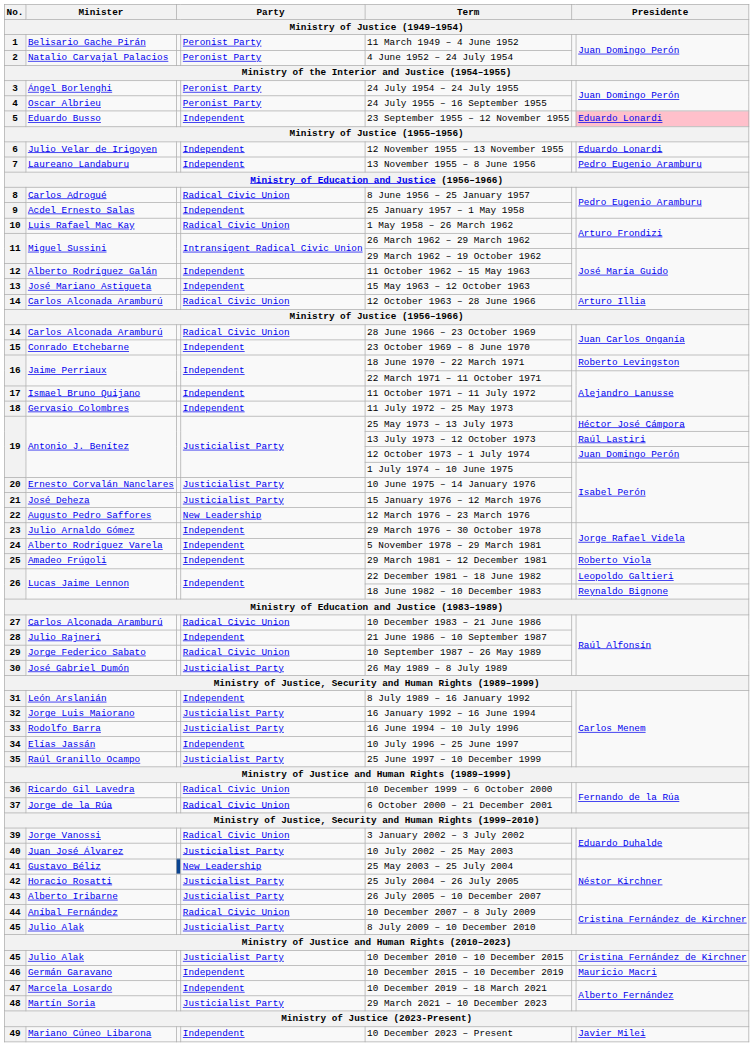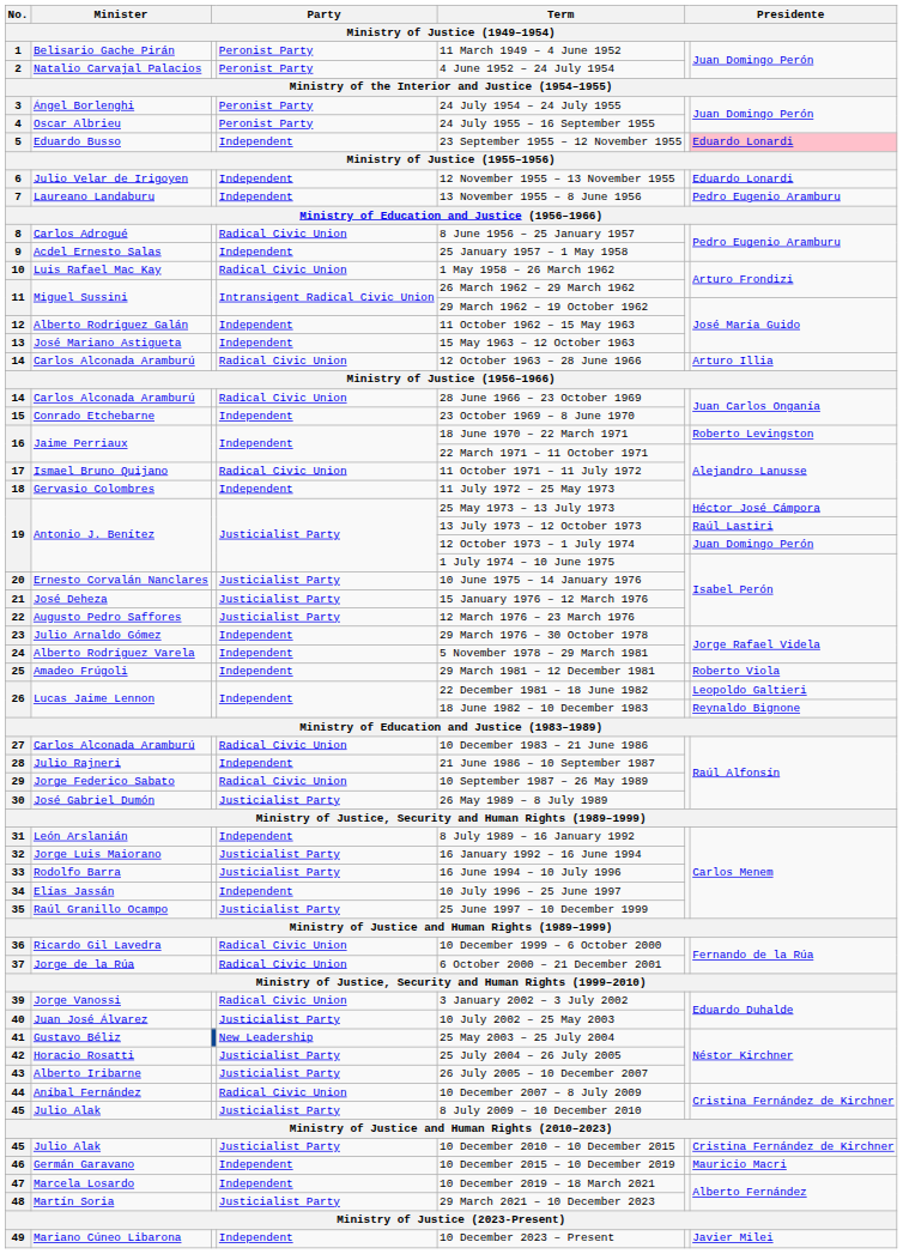 <table class="wikitable">
 <tr>
 <th>No.</th>
 <th>Minister</th>
 <th colspan="2">Party</th>
 <th>Term</th>
 <th colspan="2">Presidente</th>
 </tr>
 <tr>
 <th colspan=7>Ministry of Justice (1949–1954)</th>
 </tr>
 <tr>
 <th>1</th>
 <td><a href='#'>Belisario Gache Pirán</a></td>
 <td bgcolor=></td>
 <td><a href='#'>Peronist Party</a></td>
 <td>11 March 1949 – 4 June 1952</td>
 <td rowspan="2" bgcolor=></td>
 <td rowspan="2"><a href='#'>Juan Domingo Perón</a></td>
 </tr>
 <tr>
 <th>2</th>
 <td><a href='#'>Natalio Carvajal Palacios</a></td>
 <td bgcolor=></td>
 <td><a href='#'>Peronist Party</a></td>
 <td>4 June 1952 – 24 July 1954</td>
 </tr>
 <tr>
 <th colspan=7>Ministry of the Interior and Justice (1954–1955)</th>
 </tr>
 <tr>
 <th>3</th>
 <td><a href='#'>Ángel Borlenghi</a></td>
 <td bgcolor=></td>
 <td><a href='#'>Peronist Party</a></td>
 <td>24 July 1954 – 24 July 1955</td>
 <td rowspan="2" bgcolor=></td>
 <td rowspan="2"><a href='#'>Juan Domingo Perón</a></td>
 </tr>
 <tr>
 <th>4</th>
 <td><a href='#'>Oscar Albrieu</a></td>
 <td bgcolor=></td>
 <td><a href='#'>Peronist Party</a></td>
 <td>24 July 1955 – 16 September 1955</td>
 </tr>
 <tr>
 <th>5</th>
 <td><a href='#'>Eduardo Busso</a></td>
 <td bgcolor=></td>
 <td><a href='#'>Independent</a></td>
 <td>23 September 1955 – 12 November 1955</td>
 <td bgcolor=></td>
 <td style="background: pink;"><a href='#'>Eduardo Lonardi</a></td>
 </tr>
 <tr>
 <th colspan=7>Ministry of Justice (1955–1956)</th>
 </tr>
 <tr>
 <th>6</th>
 <td><a href='#'>Julio Velar de Irigoyen</a></td>
 <td bgcolor=></td>
 <td><a href='#'>Independent</a></td>
 <td>12 November 1955 – 13 November 1955</td>
 <td bgcolor=></td>
 <td><a href='#'>Eduardo Lonardi</a></td>
 </tr>
 <tr>
 <th>7</th>
 <td><a href='#'>Laureano Landaburu</a></td>
 <td bgcolor=></td>
 <td><a href='#'>Independent</a></td>
 <td>13 November 1955 – 8 June 1956</td>
 <td bgcolor=></td>
 <td><a href='#'>Pedro Eugenio Aramburu</a></td>
 </tr>
 <tr>
 <th colspan=7><a href='#'>Ministry of Education and Justice</a> (1956–1966)</th>
 </tr>
 <tr>
 <th>8</th>
 <td><a href='#'>Carlos Adrogué</a></td>
 <td bgcolor=></td>
 <td><a href='#'>Radical Civic Union</a></td>
 <td>8 June 1956 – 25 January 1957</td>
 <td rowspan="2" bgcolor=></td>
 <td rowspan="2"><a href='#'>Pedro Eugenio Aramburu</a></td>
 </tr>
 <tr>
 <th>9</th>
 <td><a href='#'>Acdel Ernesto Salas</a></td>
 <td bgcolor=></td>
 <td><a href='#'>Independent</a></td>
 <td>25 January 1957 – 1 May 1958</td>
 </tr>
 <tr>
 <th>10</th>
 <td><a href='#'>Luis Rafael Mac Kay</a></td>
 <td bgcolor=></td>
 <td><a href='#'>Radical Civic Union</a></td>
 <td>1 May 1958 – 26 March 1962</td>
 <td rowspan="2" bgcolor=></td>
 <td rowspan="2"><a href='#'>Arturo Frondizi</a></td>
 </tr>
 <tr>
 <th rowspan="2">11</th>
 <td rowspan="2"><a href='#'>Miguel Sussini</a></td>
 <td rowspan="2" bgcolor=></td>
 <td rowspan="2"><a href='#'>Intransigent Radical Civic Union</a></td>
 <td>26 March 1962 – 29 March 1962</td>
 </tr>
 <tr>
 <td>29 March 1962 – 19 October 1962</td>
 <td rowspan="3" bgcolor=></td>
 <td rowspan="3"><a href='#'>José María Guido</a></td>
 </tr>
 <tr>
 <th>12</th>
 <td><a href='#'>Alberto Rodríguez Galán</a></td>
 <td bgcolor=></td>
 <td><a href='#'>Independent</a></td>
 <td>11 October 1962 – 15 May 1963</td>
 </tr>
 <tr>
 <th>13</th>
 <td><a href='#'>José Mariano Astigueta</a></td>
 <td bgcolor=></td>
 <td><a href='#'>Independent</a></td>
 <td>15 May 1963 – 12 October 1963</td>
 </tr>
 <tr>
 <th>14</th>
 <td><a href='#'>Carlos Alconada Aramburú</a></td>
 <td bgcolor=></td>
 <td><a href='#'>Radical Civic Union</a></td>
 <td>12 October 1963 – 28 June 1966</td>
 <td bgcolor=></td>
 <td><a href='#'>Arturo Illia</a></td>
 </tr>
 <tr>
 <th colspan=7>Ministry of Justice (1956–1966)</th>
 </tr>
 <tr>
 <th>14</th>
 <td><a href='#'>Carlos Alconada Aramburú</a></td>
 <td bgcolor=></td>
 <td><a href='#'>Radical Civic Union</a></td>
 <td>28 June 1966 – 23 October 1969</td>
 <td rowspan="2" bgcolor=></td>
 <td rowspan="2"><a href='#'>Juan Carlos Onganía</a></td>
 </tr>
 <tr>
 <th>15</th>
 <td><a href='#'>Conrado Etchebarne</a></td>
 <td bgcolor=></td>
 <td><a href='#'>Independent</a></td>
 <td>23 October 1969 – 8 June 1970</td>
 </tr>
 <tr>
 <th rowspan="2">16</th>
 <td rowspan="2"><a href='#'>Jaime Perriaux</a></td>
 <td rowspan="2" bgcolor=></td>
 <td rowspan="2"><a href='#'>Independent</a></td>
 <td>18 June 1970 – 22 March 1971</td>
 <td bgcolor=></td>
 <td><a href='#'>Roberto Levingston</a></td>
 </tr>
 <tr>
 <td>22 March 1971 – 11 October 1971</td>
 <td rowspan="3" bgcolor=></td>
 <td rowspan="3"><a href='#'>Alejandro Lanusse</a></td>
 </tr>
 <tr>
 <th>17</th>
 <td><a href='#'>Ismael Bruno Quijano</a></td>
 <td bgcolor=></td>
-<td><a href='#'>Independent</a></td>
+<td><a href='#'>Radical Civic Union</a></td>
 <td>11 October 1971 – 11 July 1972</td>
 </tr>
 <tr>
 <th>18</th>
 <td><a href='#'>Gervasio Colombres</a></td>
 <td bgcolor=></td>
 <td><a href='#'>Independent</a></td>
 <td>11 July 1972 – 25 May 1973</td>
 </tr>
 <tr>
 <th rowspan="4">19</th>
 <td rowspan="4"><a href='#'>Antonio J. Benítez</a></td>
 <td rowspan="4" bgcolor=></td>
 <td rowspan="4"><a href='#'>Justicialist Party</a></td>
 <td>25 May 1973 – 13 July 1973</td>
 <td bgcolor=></td>
 <td><a href='#'>Héctor José Cámpora</a></td>
 </tr>
 <tr>
 <td>13 July 1973 – 12 October 1973</td>
 <td bgcolor=></td>
 <td><a href='#'>Raúl Lastiri</a></td>
 </tr>
 <tr>
 <td>12 October 1973 – 1 July 1974</td>
 <td bgcolor=></td>
 <td><a href='#'>Juan Domingo Perón</a></td>
 </tr>
 <tr>
 <td>1 July 1974 – 10 June 1975</td>
 <td rowspan="4" bgcolor=></td>
 <td rowspan="4"><a href='#'>Isabel Perón</a></td>
 </tr>
 <tr>
 <th>20</th>
 <td><a href='#'>Ernesto Corvalán Nanclares</a></td>
 <td bgcolor=></td>
 <td><a href='#'>Justicialist Party</a></td>
 <td>10 June 1975 – 14 January 1976</td>
 </tr>
 <tr>
 <th>21</th>
 <td><a href='#'>José Deheza</a></td>
 <td bgcolor=></td>
 <td><a href='#'>Justicialist Party</a></td>
 <td>15 January 1976 – 12 March 1976</td>
 </tr>
 <tr>
 <th>22</th>
 <td><a href='#'>Augusto Pedro Saffores</a></td>
 <td bgcolor=></td>
-<td><a href='#'>New Leadership</a></td>
+<td><a href='#'>Justicialist Party</a></td>
 <td>12 March 1976 – 23 March 1976</td>
 </tr>
 <tr>
 <th>23</th>
 <td><a href='#'>Julio Arnaldo Gómez</a></td>
 <td bgcolor=></td>
 <td><a href='#'>Independent</a> </td>
 <td>29 March 1976 – 30 October 1978</td>
 <td rowspan="2" bgcolor=></td>
 <td rowspan="2"><a href='#'>Jorge Rafael Videla</a></td>
 </tr>
 <tr>
 <th>24</th>
 <td><a href='#'>Alberto Rodríguez Varela</a></td>
 <td bgcolor=></td>
 <td><a href='#'>Independent</a></td>
 <td>5 November 1978 – 29 March 1981</td>
 </tr>
 <tr>
 <th>25</th>
 <td><a href='#'>Amadeo Frúgoli</a></td>
 <td bgcolor=></td>
 <td><a href='#'>Independent</a></td>
 <td>29 March 1981 – 12 December 1981</td>
 <td bgcolor=></td>
 <td><a href='#'>Roberto Viola</a></td>
 </tr>
 <tr>
 <th rowspan="2">26</th>
 <td rowspan="2"><a href='#'>Lucas Jaime Lennon</a></td>
 <td rowspan="2" bgcolor=></td>
 <td rowspan="2"><a href='#'>Independent</a></td>
 <td>22 December 1981 – 18 June 1982</td>
 <td bgcolor=></td>
 <td><a href='#'>Leopoldo Galtieri</a></td>
 </tr>
 <tr>
 <td>18 June 1982 – 10 December 1983</td>
 <td bgcolor=></td>
 <td><a href='#'>Reynaldo Bignone</a></td>
 </tr>
 <tr>
 <th colspan=7>Ministry of Education and Justice (1983–1989)</th>
 </tr>
 <tr>
 <th>27</th>
 <td><a href='#'>Carlos Alconada Aramburú</a></td>
 <td bgcolor=></td>
 <td><a href='#'>Radical Civic Union</a></td>
 <td>10 December 1983 – 21 June 1986</td>
 <td rowspan="4" bgcolor=></td>
 <td rowspan="4"><a href='#'>Raúl Alfonsín</a></td>
 </tr>
 <tr>
 <th>28</th>
 <td><a href='#'>Julio Rajneri</a></td>
 <td bgcolor=></td>
 <td><a href='#'>Independent</a></td>
 <td>21 June 1986 – 10 September 1987</td>
 </tr>
 <tr>
 <th>29</th>
 <td><a href='#'>Jorge Federico Sabato</a></td>
 <td bgcolor=></td>
 <td><a href='#'>Radical Civic Union</a></td>
 <td>10 September 1987 – 26 May 1989</td>
 </tr>
 <tr>
 <th>30</th>
 <td><a href='#'>José Gabriel Dumón</a></td>
 <td bgcolor=></td>
 <td><a href='#'>Justicialist Party</a></td>
 <td>26 May 1989 – 8 July 1989</td>
 </tr>
 <tr>
 <th colspan=7>Ministry of Justice, Security and Human Rights (1989–1999)</th>
 </tr>
 <tr>
 <th>31</th>
 <td><a href='#'>León Arslanián</a></td>
 <td bgcolor=></td>
 <td><a href='#'>Independent</a></td>
 <td>8 July 1989 – 16 January 1992</td>
 <td rowspan="5" bgcolor=></td>
 <td rowspan="5"><a href='#'>Carlos Menem</a></td>
 </tr>
 <tr>
 <th>32</th>
 <td><a href='#'>Jorge Luis Maiorano</a></td>
 <td bgcolor=></td>
 <td><a href='#'>Justicialist Party</a></td>
 <td>16 January 1992 – 16 June 1994</td>
 </tr>
 <tr>
 <th>33</th>
 <td><a href='#'>Rodolfo Barra</a></td>
 <td bgcolor=></td>
 <td><a href='#'>Justicialist Party</a></td>
 <td>16 June 1994 – 10 July 1996</td>
 </tr>
 <tr>
 <th>34</th>
 <td><a href='#'>Elías Jassán</a></td>
 <td bgcolor=></td>
 <td><a href='#'>Independent</a></td>
 <td>10 July 1996 – 25 June 1997</td>
 </tr>
 <tr>
 <th>35</th>
 <td><a href='#'>Raúl Granillo Ocampo</a></td>
 <td bgcolor=></td>
 <td><a href='#'>Justicialist Party</a></td>
 <td>25 June 1997 – 10 December 1999</td>
 </tr>
 <tr>
 <th colspan=7>Ministry of Justice and Human Rights (1989–1999)</th>
 </tr>
 <tr>
 <th>36</th>
 <td><a href='#'>Ricardo Gil Lavedra</a></td>
 <td bgcolor=></td>
 <td><a href='#'>Radical Civic Union</a></td>
 <td>10 December 1999 – 6 October 2000</td>
 <td rowspan="2" bgcolor=></td>
 <td rowspan="2"><a href='#'>Fernando de la Rúa</a></td>
 </tr>
 <tr>
 <th>37</th>
 <td><a href='#'>Jorge de la Rúa</a></td>
 <td bgcolor=></td>
 <td><a href='#'>Radical Civic Union</a></td>
 <td>6 October 2000 – 21 December 2001</td>
 </tr>
 <tr>
 <th colspan=7>Ministry of Justice, Security and Human Rights (1999–2010)</th>
 </tr>
 <tr>
 <th>39</th>
 <td><a href='#'>Jorge Vanossi</a></td>
 <td bgcolor=></td>
 <td><a href='#'>Radical Civic Union</a></td>
 <td>3 January 2002 – 3 July 2002</td>
 <td rowspan="2" bgcolor=></td>
 <td rowspan="2"><a href='#'>Eduardo Duhalde</a></td>
 </tr>
 <tr>
 <th>40</th>
 <td><a href='#'>Juan José Álvarez</a></td>
 <td bgcolor=></td>
 <td><a href='#'>Justicialist Party</a></td>
 <td>10 July 2002 – 25 May 2003</td>
 </tr>
 <tr>
 <th>41</th>
 <td><a href='#'>Gustavo Béliz</a></td>
 <td bgcolor=#0b4592></td>
 <td><a href='#'>New Leadership</a></td>
 <td>25 May 2003 – 25 July 2004</td>
 <td rowspan="3" bgcolor=></td>
 <td rowspan="3"><a href='#'>Néstor Kirchner</a></td>
 </tr>
 <tr>
 <th>42</th>
 <td><a href='#'>Horacio Rosatti</a></td>
 <td bgcolor=></td>
 <td><a href='#'>Justicialist Party</a></td>
 <td>25 July 2004 – 26 July 2005</td>
 </tr>
 <tr>
 <th>43</th>
 <td><a href='#'>Alberto Iribarne</a></td>
 <td bgcolor=></td>
 <td><a href='#'>Justicialist Party</a></td>
 <td>26 July 2005 – 10 December 2007</td>
 </tr>
 <tr>
 <th>44</th>
 <td><a href='#'>Aníbal Fernández</a></td>
 <td bgcolor=></td>
 <td><a href='#'>Radical Civic Union</a></td>
 <td>10 December 2007 – 8 July 2009</td>
 <td rowspan="2" bgcolor=></td>
 <td rowspan="2"><a href='#'>Cristina Fernández de Kirchner</a></td>
 </tr>
 <tr>
 <th>45</th>
 <td><a href='#'>Julio Alak</a></td>
 <td bgcolor=></td>
 <td><a href='#'>Justicialist Party</a></td>
 <td>8 July 2009 – 10 December 2010</td>
 </tr>
 <tr>
 <th colspan=7>Ministry of Justice and Human Rights (2010–2023)</th>
 </tr>
 <tr>
 <th>45</th>
 <td><a href='#'>Julio Alak</a></td>
 <td bgcolor=></td>
 <td><a href='#'>Justicialist Party</a></td>
 <td>10 December 2010 – 10 December 2015</td>
 <td bgcolor=></td>
 <td><a href='#'>Cristina Fernández de Kirchner</a></td>
 </tr>
 <tr>
 <th>46</th>
 <td><a href='#'>Germán Garavano</a></td>
 <td bgcolor=></td>
 <td><a href='#'>Independent</a></td>
 <td>10 December 2015 – 10 December 2019</td>
 <td bgcolor=></td>
 <td><a href='#'>Mauricio Macri</a></td>
 </tr>
 <tr>
 <th>47</th>
 <td><a href='#'>Marcela Losardo</a></td>
 <td bgcolor=></td>
 <td><a href='#'>Independent</a></td>
 <td>10 December 2019 – 18 March 2021</td>
 <td rowspan="2" bgcolor=></td>
 <td rowspan="2"><a href='#'>Alberto Fernández</a></td>
 </tr>
 <tr>
 <th>48</th>
 <td><a href='#'>Martín Soria</a></td>
 <td bgcolor=></td>
 <td><a href='#'>Justicialist Party</a></td>
 <td>29 March 2021 – 10 December 2023</td>
 </tr>
 <tr>
 <th colspan="7">Ministry of Justice (2023-Present)</th>
 </tr>
 <tr>
 <th>49</th>
 <td><a href='#'>Mariano Cúneo Libarona</a></td>
 <td></td>
 <td><a href='#'>Independent</a></td>
 <td>10 December 2023 – Present</td>
 <td rowspan="1"></td>
 <td rowspan="1"><a href='#'>Javier Milei</a></td>
 </tr>
 </table>
